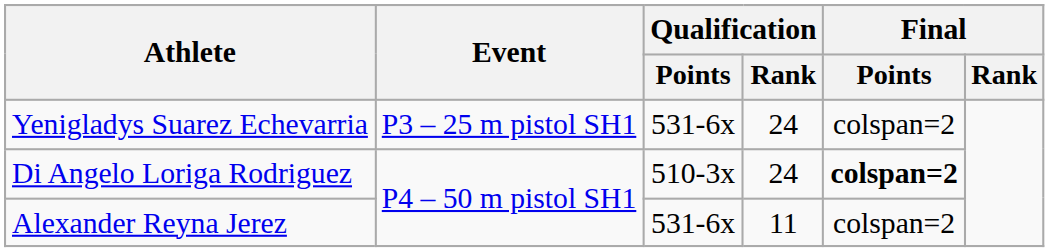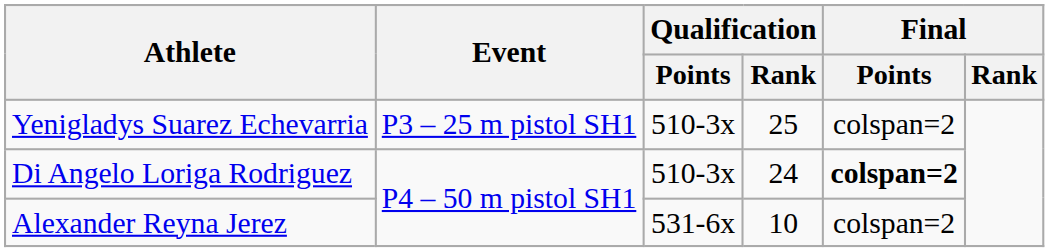 <table class="wikitable" style="font-size:90%">
 <tr>
 <th rowspan="2">Athlete</th>
 <th rowspan="2">Event</th>
 <th colspan="2">Qualification</th>
 <th colspan="2">Final</th>
 </tr>
 <tr style="font-size:95%">
 <th>Points</th>
 <th>Rank</th>
 <th>Points</th>
 <th>Rank</th>
 </tr>
 <tr align=center>
 <td align=left><a href='#'>Yenigladys Suarez Echevarria</a></td>
 <td align=left><a href='#'>P3 – 25 m pistol SH1</a></td>
-<td>531-6x</td>
-<td>24</td>
+<td>510-3x</td>
+<td>25</td>
 <td>colspan=2 </td>
 </tr>
 <tr align=center>
 <td align=left><a href='#'>Di Angelo Loriga Rodriguez</a></td>
 <td align=left rowspan=2><a href='#'>P4 – 50 m pistol SH1</a></td>
 <td>510-3x</td>
 <td>24</td>
 <td><strong>colspan=2 </strong></td>
 </tr>
 <tr align=center>
 <td align=left><a href='#'>Alexander Reyna Jerez</a></td>
 <td>531-6x</td>
-<td>11</td>
+<td>10</td>
 <td>colspan=2 </td>
 </tr>
 </table>
